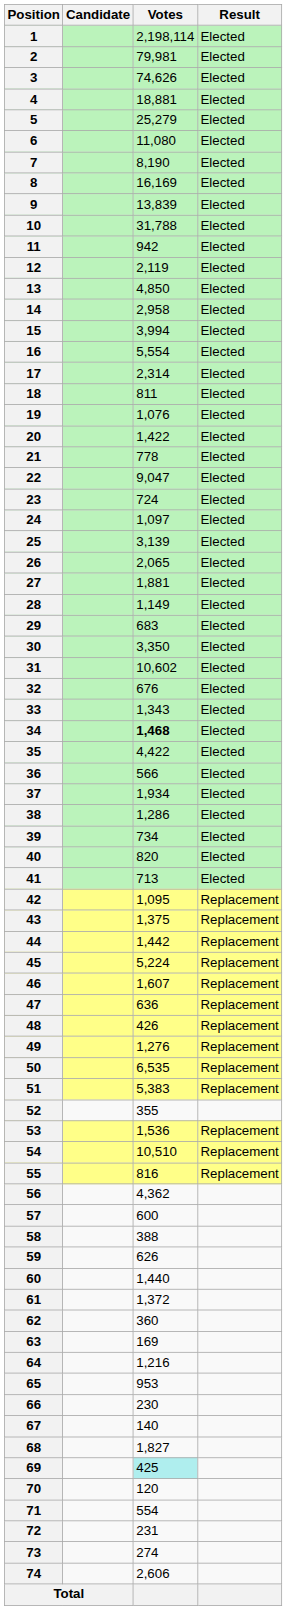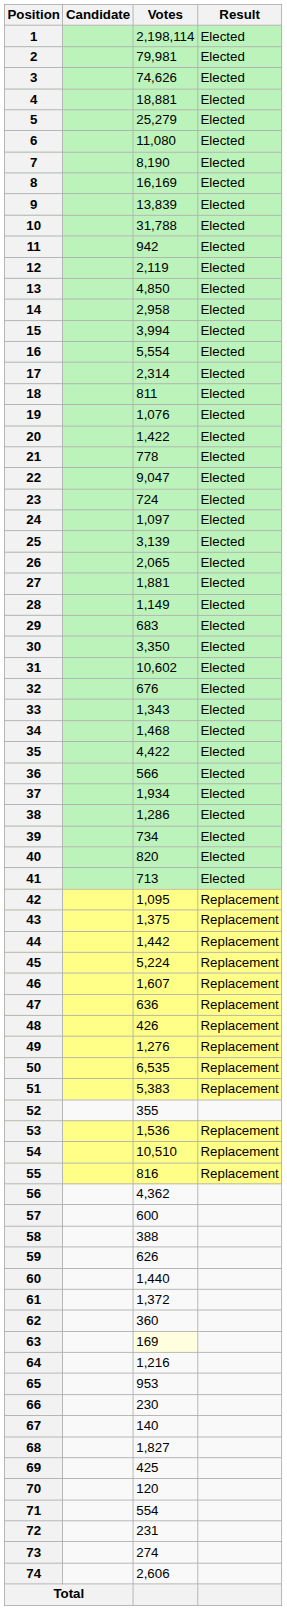 <table class="wikitable sortable col3right">
 <tr>
 <th scope="col">Position</th>
 <th scope="col">Candidate</th>
 <th scope="col">Votes</th>
 <th scope="col">Result</th>
 </tr>
 <tr bgcolor=bbf3bb>
 <th scope="row">1</th>
 <td></td>
 <td>2,198,114</td>
 <td>Elected</td>
 </tr>
 <tr bgcolor=bbf3bb>
 <th scope="row">2</th>
 <td></td>
 <td>79,981</td>
 <td>Elected</td>
 </tr>
 <tr bgcolor=bbf3bb>
 <th scope="row">3</th>
 <td></td>
 <td>74,626</td>
 <td>Elected</td>
 </tr>
 <tr bgcolor=bbf3bb>
 <th scope="row">4</th>
 <td></td>
 <td>18,881</td>
 <td>Elected</td>
 </tr>
 <tr bgcolor=bbf3bb>
 <th scope="row">5</th>
 <td></td>
 <td>25,279</td>
 <td>Elected</td>
 </tr>
 <tr bgcolor=bbf3bb>
 <th scope="row">6</th>
 <td></td>
 <td>11,080</td>
 <td>Elected</td>
 </tr>
 <tr bgcolor=bbf3bb>
 <th scope="row">7</th>
 <td></td>
 <td>8,190</td>
 <td>Elected</td>
 </tr>
 <tr bgcolor=bbf3bb>
 <th scope="row">8</th>
 <td></td>
 <td>16,169</td>
 <td>Elected</td>
 </tr>
 <tr bgcolor=bbf3bb>
 <th scope="row">9</th>
 <td></td>
 <td>13,839</td>
 <td>Elected</td>
 </tr>
 <tr bgcolor=bbf3bb>
 <th scope="row">10</th>
 <td></td>
 <td>31,788</td>
 <td>Elected</td>
 </tr>
 <tr bgcolor=bbf3bb>
 <th scope="row">11</th>
 <td></td>
 <td>942</td>
 <td>Elected</td>
 </tr>
 <tr bgcolor=bbf3bb>
 <th scope="row">12</th>
 <td></td>
 <td>2,119</td>
 <td>Elected</td>
 </tr>
 <tr bgcolor=bbf3bb>
 <th scope="row">13</th>
 <td></td>
 <td>4,850</td>
 <td>Elected</td>
 </tr>
 <tr bgcolor=bbf3bb>
 <th scope="row">14</th>
 <td></td>
 <td>2,958</td>
 <td>Elected</td>
 </tr>
 <tr bgcolor=bbf3bb>
 <th scope="row">15</th>
 <td></td>
 <td>3,994</td>
 <td>Elected</td>
 </tr>
 <tr bgcolor=bbf3bb>
 <th scope="row">16</th>
 <td></td>
 <td>5,554</td>
 <td>Elected</td>
 </tr>
 <tr bgcolor=bbf3bb>
 <th scope="row">17</th>
 <td></td>
 <td>2,314</td>
 <td>Elected</td>
 </tr>
 <tr bgcolor=bbf3bb>
 <th scope="row">18</th>
 <td></td>
 <td>811</td>
 <td>Elected</td>
 </tr>
 <tr bgcolor=bbf3bb>
 <th scope="row">19</th>
 <td></td>
 <td>1,076</td>
 <td>Elected</td>
 </tr>
 <tr bgcolor=bbf3bb>
 <th scope="row">20</th>
 <td></td>
 <td>1,422</td>
 <td>Elected</td>
 </tr>
 <tr bgcolor=bbf3bb>
 <th scope="row">21</th>
 <td></td>
 <td>778</td>
 <td>Elected</td>
 </tr>
 <tr bgcolor=bbf3bb>
 <th scope="row">22</th>
 <td></td>
 <td>9,047</td>
 <td>Elected</td>
 </tr>
 <tr bgcolor=bbf3bb>
 <th scope="row">23</th>
 <td></td>
 <td>724</td>
 <td>Elected</td>
 </tr>
 <tr bgcolor=bbf3bb>
 <th scope="row">24</th>
 <td></td>
 <td>1,097</td>
 <td>Elected</td>
 </tr>
 <tr bgcolor=bbf3bb>
 <th scope="row">25</th>
 <td></td>
 <td>3,139</td>
 <td>Elected</td>
 </tr>
 <tr bgcolor=bbf3bb>
 <th scope="row">26</th>
 <td></td>
 <td>2,065</td>
 <td>Elected</td>
 </tr>
 <tr bgcolor=bbf3bb>
 <th scope="row">27</th>
 <td></td>
 <td>1,881</td>
 <td>Elected</td>
 </tr>
 <tr bgcolor=bbf3bb>
 <th scope="row">28</th>
 <td></td>
 <td>1,149</td>
 <td>Elected</td>
 </tr>
 <tr bgcolor=bbf3bb>
 <th scope="row">29</th>
 <td></td>
 <td>683</td>
 <td>Elected</td>
 </tr>
 <tr bgcolor=bbf3bb>
 <th scope="row">30</th>
 <td></td>
 <td>3,350</td>
 <td>Elected</td>
 </tr>
 <tr bgcolor=bbf3bb>
 <th scope="row">31</th>
 <td></td>
 <td>10,602</td>
 <td>Elected</td>
 </tr>
 <tr bgcolor=bbf3bb>
 <th scope="row">32</th>
 <td></td>
 <td>676</td>
 <td>Elected</td>
 </tr>
 <tr bgcolor=bbf3bb>
 <th scope="row">33</th>
 <td></td>
 <td>1,343</td>
 <td>Elected</td>
 </tr>
 <tr bgcolor=bbf3bb>
 <th scope="row">34</th>
 <td></td>
-<td><strong>1,468</strong></td>
+<td>1,468</td>
 <td>Elected</td>
 </tr>
 <tr bgcolor=bbf3bb>
 <th scope="row">35</th>
 <td></td>
 <td>4,422</td>
 <td>Elected</td>
 </tr>
 <tr bgcolor=bbf3bb>
 <th scope="row">36</th>
 <td></td>
 <td>566</td>
 <td>Elected</td>
 </tr>
 <tr bgcolor=bbf3bb>
 <th scope="row">37</th>
 <td></td>
 <td>1,934</td>
 <td>Elected</td>
 </tr>
 <tr bgcolor=bbf3bb>
 <th scope="row">38</th>
 <td></td>
 <td>1,286</td>
 <td>Elected</td>
 </tr>
 <tr bgcolor=bbf3bb>
 <th scope="row">39</th>
 <td></td>
 <td>734</td>
 <td>Elected</td>
 </tr>
 <tr bgcolor=bbf3bb>
 <th scope="row">40</th>
 <td></td>
 <td>820</td>
 <td>Elected</td>
 </tr>
 <tr bgcolor=bbf3bb>
 <th scope="row">41</th>
 <td></td>
 <td>713</td>
 <td>Elected</td>
 </tr>
 <tr bgcolor=#FF8>
 <th scope="row">42</th>
 <td></td>
 <td>1,095</td>
 <td>Replacement</td>
 </tr>
 <tr bgcolor=#FF8>
 <th scope="row">43</th>
 <td></td>
 <td>1,375</td>
 <td>Replacement</td>
 </tr>
 <tr bgcolor=#FF8>
 <th scope="row">44</th>
 <td></td>
 <td>1,442</td>
 <td>Replacement</td>
 </tr>
 <tr bgcolor=#FF8>
 <th scope="row">45</th>
 <td></td>
 <td>5,224</td>
 <td>Replacement</td>
 </tr>
 <tr bgcolor=#FF8>
 <th scope="row">46</th>
 <td></td>
 <td>1,607</td>
 <td>Replacement</td>
 </tr>
 <tr bgcolor=#FF8>
 <th scope="row">47</th>
 <td></td>
 <td>636</td>
 <td>Replacement</td>
 </tr>
 <tr bgcolor=#FF8>
 <th scope="row">48</th>
 <td></td>
 <td>426</td>
 <td>Replacement</td>
 </tr>
 <tr bgcolor=#FF8>
 <th scope="row">49</th>
 <td></td>
 <td>1,276</td>
 <td>Replacement</td>
 </tr>
 <tr bgcolor=#FF8>
 <th scope="row">50</th>
 <td></td>
 <td>6,535</td>
 <td>Replacement</td>
 </tr>
 <tr bgcolor=#FF8>
 <th scope="row">51</th>
 <td></td>
 <td>5,383</td>
 <td>Replacement</td>
 </tr>
 <tr>
 <th scope="row">52</th>
 <td></td>
 <td>355</td>
 <td></td>
 </tr>
 <tr bgcolor=#FF8>
 <th scope="row">53</th>
 <td></td>
 <td>1,536</td>
 <td>Replacement</td>
 </tr>
 <tr bgcolor=#FF8>
 <th scope="row">54</th>
 <td></td>
 <td>10,510</td>
 <td>Replacement</td>
 </tr>
 <tr bgcolor=#FF8>
 <th scope="row">55</th>
 <td></td>
 <td>816</td>
 <td>Replacement</td>
 </tr>
 <tr>
 <th scope="row">56</th>
 <td></td>
 <td>4,362</td>
 <td></td>
 </tr>
 <tr>
 <th scope="row">57</th>
 <td></td>
 <td>600</td>
 <td></td>
 </tr>
 <tr>
 <th scope="row">58</th>
 <td></td>
 <td>388</td>
 <td></td>
 </tr>
 <tr>
 <th scope="row">59</th>
 <td></td>
 <td>626</td>
 <td></td>
 </tr>
 <tr>
 <th scope="row">60</th>
 <td></td>
 <td>1,440</td>
 <td></td>
 </tr>
 <tr>
 <th scope="row">61</th>
 <td></td>
 <td>1,372</td>
 <td></td>
 </tr>
 <tr>
 <th scope="row">62</th>
 <td></td>
 <td>360</td>
 <td></td>
 </tr>
 <tr>
 <th scope="row">63</th>
 <td></td>
-<td>169</td>
+<td style="background: lightyellow;">169</td>
 <td></td>
 </tr>
 <tr>
 <th scope="row">64</th>
 <td></td>
 <td>1,216</td>
 <td></td>
 </tr>
 <tr>
 <th scope="row">65</th>
 <td></td>
 <td>953</td>
 <td></td>
 </tr>
 <tr>
 <th scope="row">66</th>
 <td></td>
 <td>230</td>
 <td></td>
 </tr>
 <tr>
 <th scope="row">67</th>
 <td></td>
 <td>140</td>
 <td></td>
 </tr>
 <tr>
 <th scope="row">68</th>
 <td></td>
 <td>1,827</td>
 <td></td>
 </tr>
 <tr>
 <th scope="row">69</th>
 <td></td>
-<td style="background: paleturquoise;">425</td>
+<td>425</td>
 <td></td>
 </tr>
 <tr>
 <th scope="row">70</th>
 <td></td>
 <td>120</td>
 <td></td>
 </tr>
 <tr>
 <th scope="row">71</th>
 <td></td>
 <td>554</td>
 <td></td>
 </tr>
 <tr>
 <th scope="row">72</th>
 <td></td>
 <td>231</td>
 <td></td>
 </tr>
 <tr>
 <th scope="row">73</th>
 <td></td>
 <td>274</td>
 <td></td>
 </tr>
 <tr>
 <th scope="row">74</th>
 <td></td>
 <td>2,606</td>
 <td></td>
 </tr>
 <tr class="sortbottom">
 <th scope="row" colspan="2">Total</th>
 <th></th>
 <th></th>
 </tr>
 </table>
